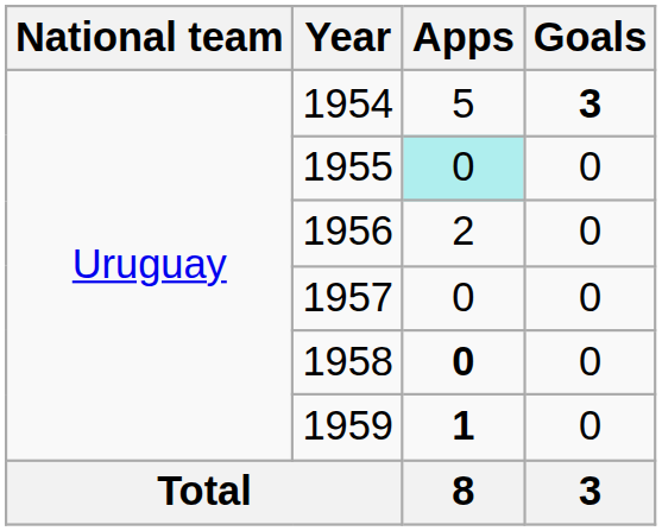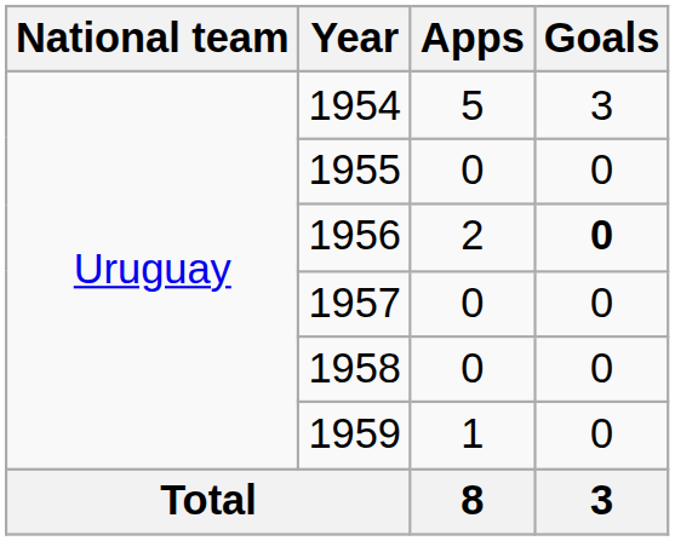 <table class="wikitable" style="text-align:center">
 <tr>
 <th>National team</th>
 <th>Year</th>
 <th>Apps</th>
 <th>Goals</th>
 </tr>
 <tr>
 <td rowspan="6"><a href='#'>Uruguay</a></td>
 <td>1954</td>
 <td>5</td>
-<td><strong>3</strong></td>
+<td>3</td>
 </tr>
 <tr>
 <td>1955</td>
-<td style="background: paleturquoise;">0</td>
+<td>0</td>
 <td>0</td>
 </tr>
 <tr>
 <td>1956</td>
 <td>2</td>
-<td>0</td>
+<td><strong>0</strong></td>
 </tr>
 <tr>
 <td>1957</td>
 <td>0</td>
 <td>0</td>
 </tr>
 <tr>
 <td>1958</td>
-<td><strong>0</strong></td>
+<td>0</td>
 <td>0</td>
 </tr>
 <tr>
 <td>1959</td>
-<td><strong>1</strong></td>
+<td>1</td>
 <td>0</td>
 </tr>
 <tr>
 <th colspan="2">Total</th>
 <th>8</th>
 <th>3</th>
 </tr>
 </table>
